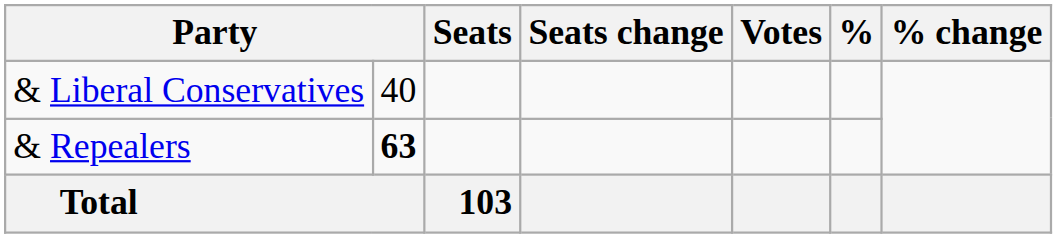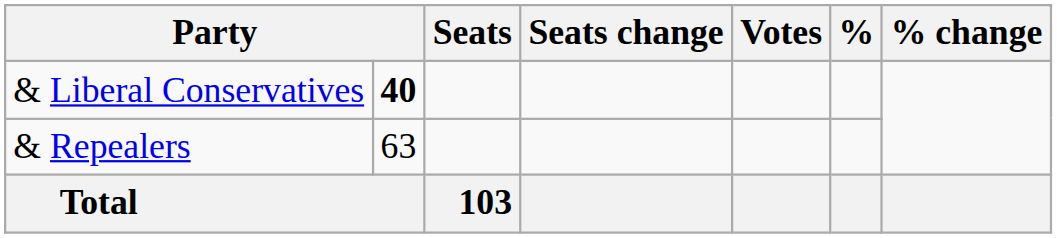 <table class="wikitable sortable">
 <tr>
 <th colspan=2>Party</th>
 <th>Seats</th>
 <th>Seats change</th>
 <th>Votes</th>
 <th>%</th>
 <th>% change</th>
 </tr>
 <tr>
 <td>  & <a href='#'>Liberal Conservatives</a></td>
-<td align=right>40</td>
+<td align=right><strong>40</strong></td>
 <td align=right></td>
 <td align=right></td>
 <td align=right></td>
 <td align=right></td>
 </tr>
 <tr>
 <td> & <a href='#'>Repealers</a></td>
-<td align=right><strong>63</strong></td>
+<td align=right>63</td>
 <td align=right></td>
 <td align=right></td>
 <td align=right></td>
 <td align=right></td>
 </tr>
 <tr class="sortbottom" style="font-weight: bold; text-align: right; background: #f2f2f2;">
 <th colspan="2" style="padding-left: 1.5em; text-align: left;">Total</th>
 <td align=right>103</td>
 <td align=right></td>
 <td align=right></td>
 <td align=right></td>
 <td align=right></td>
 </tr>
 </table>
